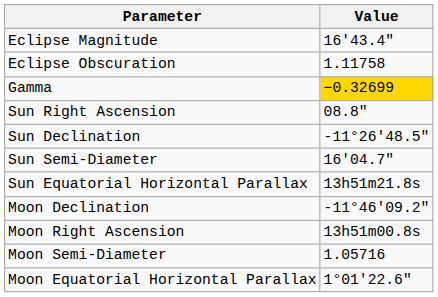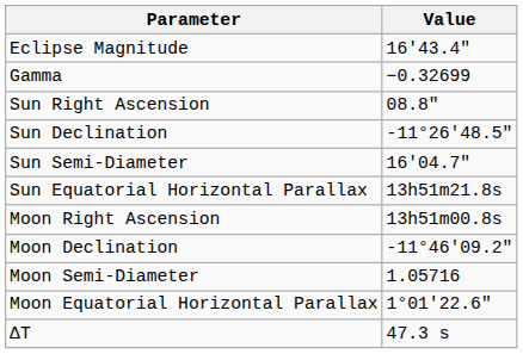 <table class="wikitable">
 <tr>
 <th>Parameter</th>
 <th>Value</th>
 </tr>
 <tr>
 <td>Eclipse Magnitude</td>
 <td>16'43.4"</td>
 </tr>
 <tr>
-<td>Eclipse Obscuration</td>
-<td>1.11758</td>
-</tr>
-<tr>
 <td>Gamma</td>
-<td style="background: gold;">−0.32699</td>
+<td>−0.32699</td>
 </tr>
 <tr>
 <td>Sun Right Ascension</td>
 <td>08.8"</td>
 </tr>
 <tr>
 <td>Sun Declination</td>
 <td>-11°26'48.5"</td>
 </tr>
 <tr>
 <td>Sun Semi-Diameter</td>
 <td>16'04.7"</td>
 </tr>
 <tr>
 <td>Sun Equatorial Horizontal Parallax</td>
 <td>13h51m21.8s</td>
 </tr>
 <tr>
+<td>Moon Right Ascension</td>
+<td>13h51m00.8s</td>
+</tr>
+<tr>
 <td>Moon Declination</td>
 <td>-11°46'09.2"</td>
-</tr>
-<tr>
-<td>Moon Right Ascension</td>
-<td>13h51m00.8s</td>
 </tr>
 <tr>
 <td>Moon Semi-Diameter</td>
 <td>1.05716</td>
 </tr>
 <tr>
 <td>Moon Equatorial Horizontal Parallax</td>
 <td>1°01'22.6"</td>
 </tr>
+<tr>
+<td>ΔT</td>
+<td>47.3 s</td>
+</tr>
 </table>
